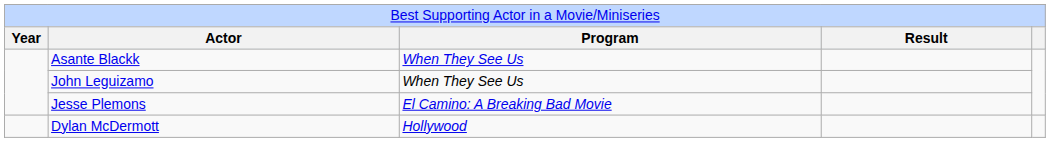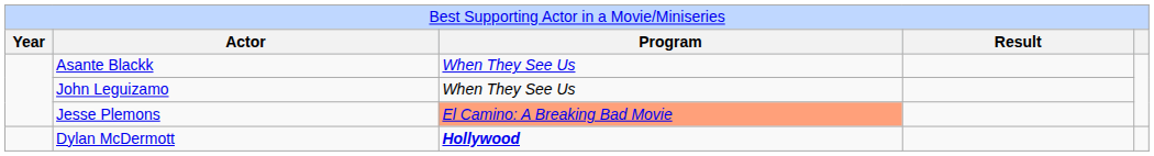 <table class="wikitable plainrowheaders" style="font-size: 90%" width=85%>
 <tr>
 </tr>
 <tr ---- bgcolor="#bfd7ff">
 <td colspan=6 align=center><a href='#'>Best Supporting Actor in a Movie/Miniseries</a></td>
 </tr>
 <tr ---- bgcolor="#ebf5ff">
 <th scope="col" style="width:2%;">Year</th>
 <th scope="col" style="width:25%;">Actor</th>
 <th scope="col" style="width:30%;">Program</th>
 <th scope="col" style="width:15%;">Result</th>
 <th scope="col" class="unsortable" style="width:1%;"></th>
 </tr>
 <tr>
 <td rowspan="3"></td>
 <td><a href='#'>Asante Blackk</a></td>
 <td><em><a href='#'>When They See Us</a></em></td>
 <td></td>
 <td rowspan="3"></td>
 </tr>
 <tr>
 <td><a href='#'>John Leguizamo</a></td>
 <td><em>When They See Us</em></td>
 <td></td>
 </tr>
 <tr>
 <td><a href='#'>Jesse Plemons</a></td>
-<td><em><a href='#'>El Camino: A Breaking Bad Movie</a></em></td>
+<td style="background: lightsalmon;"><em><a href='#'>El Camino: A Breaking Bad Movie</a></em></td>
 <td></td>
 </tr>
 <tr>
 <td></td>
 <td><a href='#'>Dylan McDermott</a></td>
-<td><em><a href='#'>Hollywood</a></em></td>
+<td><strong><em><a href='#'>Hollywood</a></em></strong></td>
 <td></td>
 <td></td>
 </tr>
 </table>
